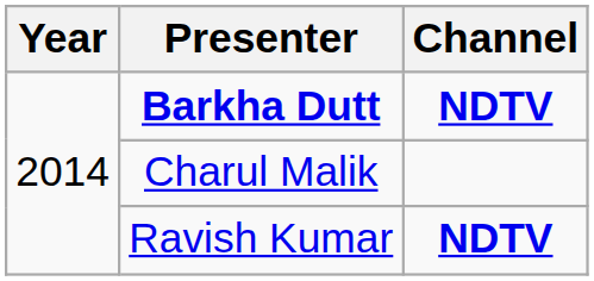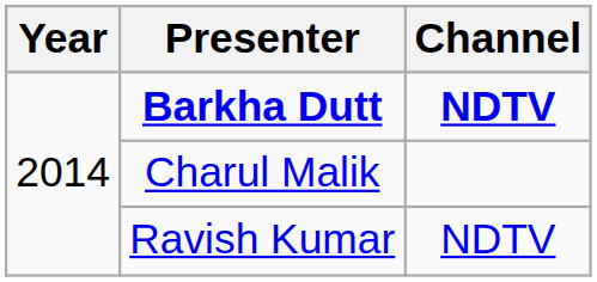 <table class="wikitable" style="text-align:center;">
 <tr>
 <th>Year</th>
 <th>Presenter</th>
 <th>Channel</th>
 </tr>
 <tr>
 <td rowspan=3>2014</td>
 <td><strong><a href='#'>Barkha Dutt</a></strong></td>
 <td><strong><a href='#'>NDTV</a></strong></td>
 </tr>
 <tr>
 <td><a href='#'>Charul Malik</a></td>
 <td></td>
 </tr>
 <tr>
 <td><a href='#'>Ravish Kumar</a></td>
-<td><strong><a href='#'>NDTV</a></strong></td>
+<td><a href='#'>NDTV</a></td>
 </tr>
 </table>
